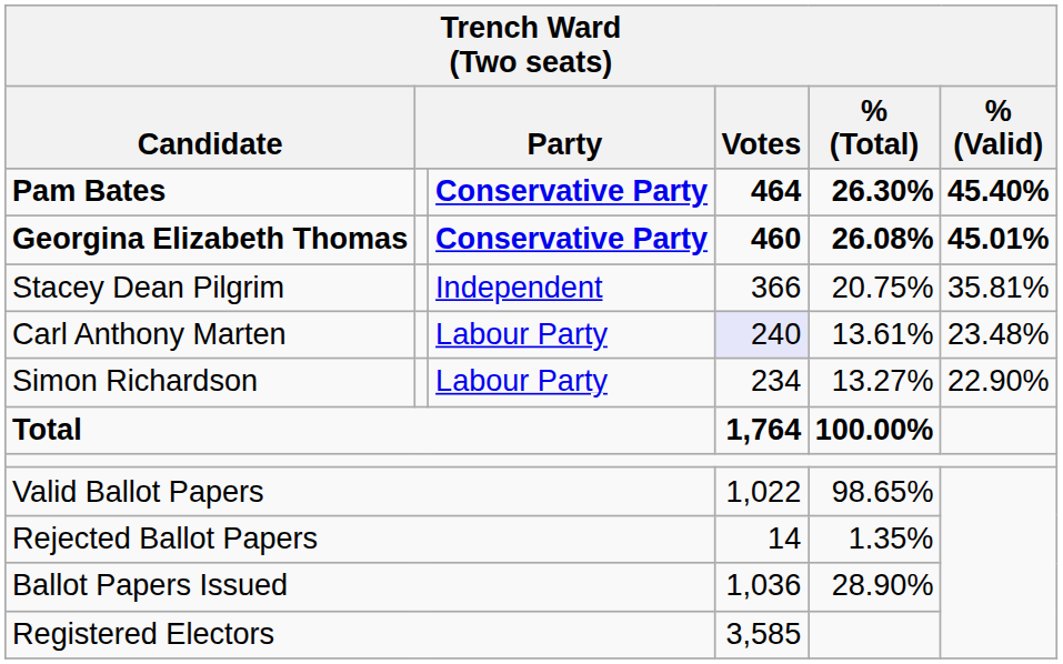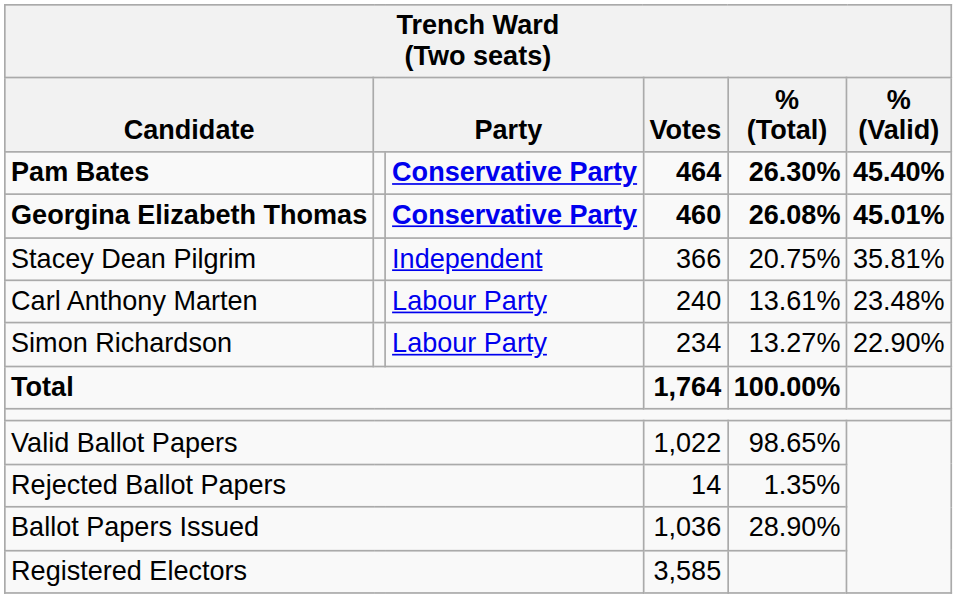 <table class="wikitable" border="1" style="text-align:right; font-size:100%">
 <tr>
 <th align=center colspan=6>Trench Ward<br>(Two seats)</th>
 </tr>
 <tr>
 <th valign=bottom>Candidate</th>
 <th valign=bottom colspan=2>Party</th>
 <th valign=bottom>Votes</th>
 <th>%<br>(Total)</th>
 <th>%<br>(Valid)</th>
 </tr>
 <tr>
 <td align=left><strong>Pam Bates</strong></td>
 <td style="background:"></td>
 <td align=left><strong><a href='#'>Conservative Party</a></strong></td>
 <td><strong>464</strong></td>
 <td><strong>26.30%</strong></td>
 <td><strong>45.40%</strong></td>
 </tr>
 <tr>
 <td align=left><strong>Georgina Elizabeth Thomas</strong></td>
 <td style="background:"></td>
 <td align=left><strong><a href='#'>Conservative Party</a></strong></td>
 <td><strong>460</strong></td>
 <td><strong>26.08%</strong></td>
 <td><strong>45.01%</strong></td>
 </tr>
 <tr>
 <td align=left>Stacey Dean Pilgrim</td>
 <td style="background:"></td>
 <td align=left><a href='#'>Independent</a></td>
 <td>366</td>
 <td>20.75%</td>
 <td>35.81%</td>
 </tr>
 <tr>
 <td align=left>Carl Anthony Marten</td>
 <td style="background:"></td>
 <td align=left><a href='#'>Labour Party</a></td>
-<td style="background: lavender;">240</td>
+<td>240</td>
 <td>13.61%</td>
 <td>23.48%</td>
 </tr>
 <tr>
 <td align=left>Simon Richardson</td>
 <td style="background:"></td>
 <td align=left><a href='#'>Labour Party</a></td>
 <td>234</td>
 <td>13.27%</td>
 <td>22.90%</td>
 </tr>
 <tr style="font-weight:bold">
 <td align=left colspan=3>Total</td>
 <td>1,764</td>
 <td>100.00%</td>
 <td></td>
 </tr>
 <tr>
 <td align=left colspan=6></td>
 </tr>
 <tr>
 <td align=left colspan=3>Valid Ballot Papers</td>
 <td>1,022</td>
 <td>98.65%</td>
 <td rowspan=4></td>
 </tr>
 <tr>
 <td align=left colspan=3>Rejected Ballot Papers</td>
 <td>14</td>
 <td>1.35%</td>
 </tr>
 <tr>
 <td align=left colspan=3>Ballot Papers Issued</td>
 <td>1,036</td>
 <td>28.90%</td>
 </tr>
 <tr>
 <td align=left colspan=3>Registered Electors</td>
 <td>3,585</td>
 <td></td>
 </tr>
 </table>
